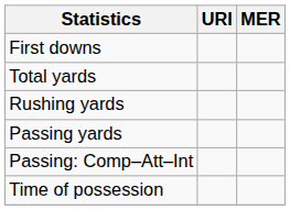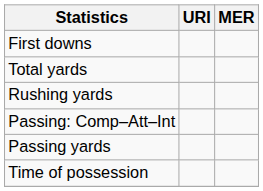 <table class="wikitable" style="float: left;">
 <tr>
 <th>Statistics</th>
 <th>URI</th>
 <th>MER</th>
 </tr>
 <tr>
 <td>First downs</td>
 <td></td>
 <td></td>
 </tr>
 <tr>
 <td>Total yards</td>
 <td></td>
 <td></td>
 </tr>
 <tr>
 <td>Rushing yards</td>
 <td></td>
 <td></td>
 </tr>
 <tr>
-<td>Passing yards</td>
+<td>Passing: Comp–Att–Int</td>
 <td></td>
 <td></td>
 </tr>
 <tr>
-<td>Passing: Comp–Att–Int</td>
+<td>Passing yards</td>
 <td></td>
 <td></td>
 </tr>
 <tr>
 <td>Time of possession</td>
 <td></td>
 <td></td>
 </tr>
 <tr>
 </tr>
 </table>
